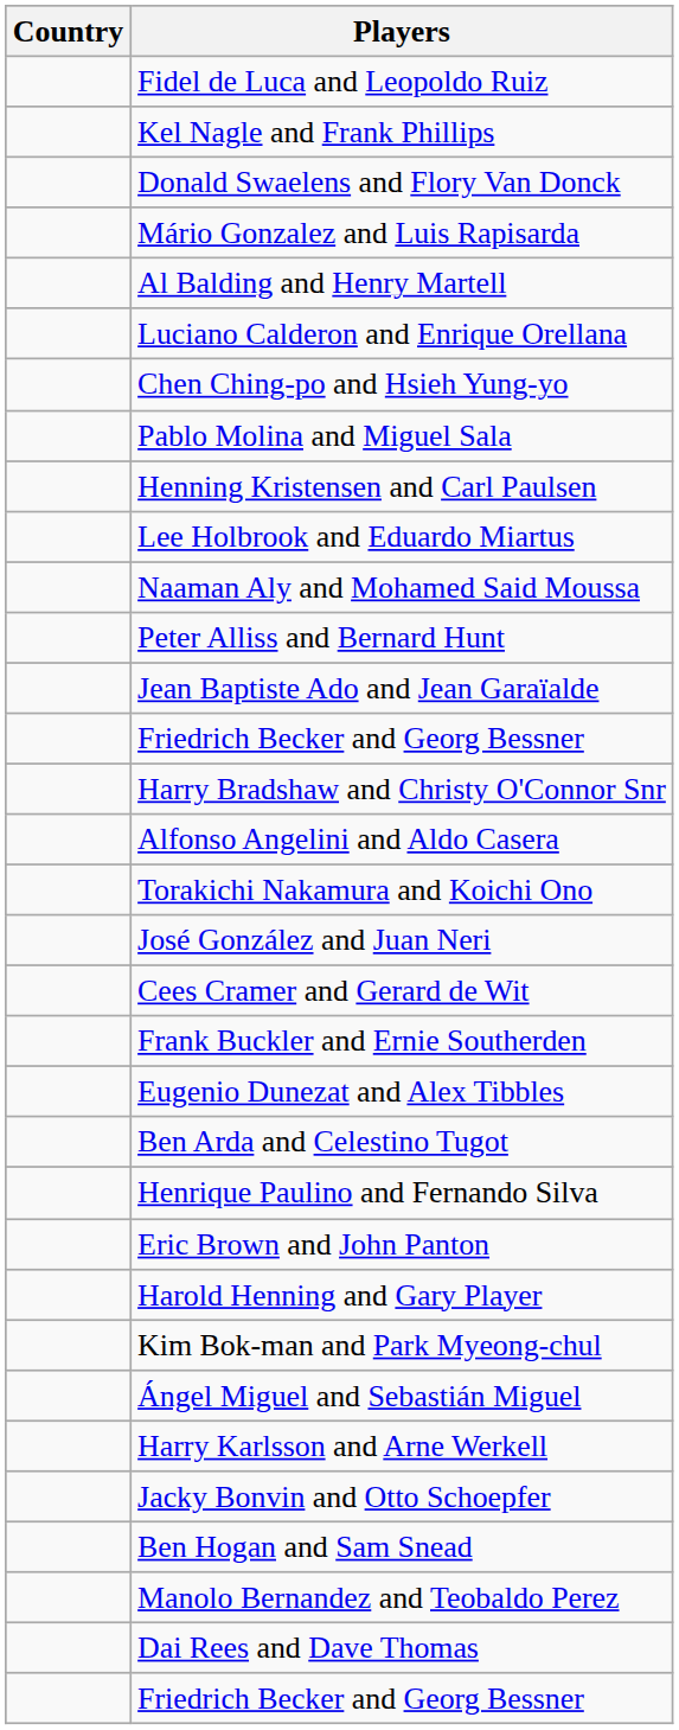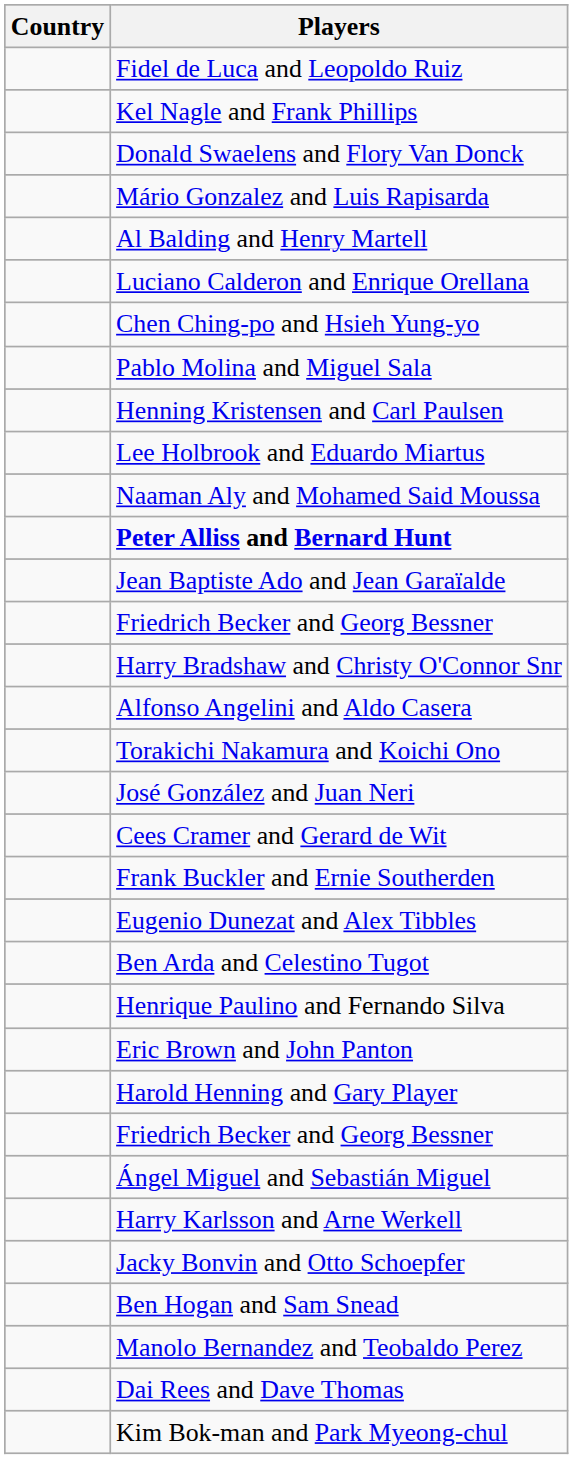 <table class="wikitable" style="font-size:95%;">
 <tr>
 <th>Country</th>
 <th>Players</th>
 </tr>
 <tr>
 <td></td>
 <td><a href='#'>Fidel de Luca</a> and <a href='#'>Leopoldo Ruiz</a></td>
 </tr>
 <tr>
 <td></td>
 <td><a href='#'>Kel Nagle</a> and <a href='#'>Frank Phillips</a></td>
 </tr>
 <tr>
 <td></td>
 <td><a href='#'>Donald Swaelens</a> and <a href='#'>Flory Van Donck</a></td>
 </tr>
 <tr>
 <td></td>
 <td><a href='#'>Mário Gonzalez</a> and <a href='#'>Luis Rapisarda</a></td>
 </tr>
 <tr>
 <td></td>
 <td><a href='#'>Al Balding</a> and <a href='#'>Henry Martell</a></td>
 </tr>
 <tr>
 <td></td>
 <td><a href='#'>Luciano Calderon</a> and <a href='#'>Enrique Orellana</a></td>
 </tr>
 <tr>
 <td></td>
 <td><a href='#'>Chen Ching-po</a> and <a href='#'>Hsieh Yung-yo</a></td>
 </tr>
 <tr>
 <td></td>
 <td><a href='#'>Pablo Molina</a> and <a href='#'>Miguel Sala</a></td>
 </tr>
 <tr>
 <td></td>
 <td><a href='#'>Henning Kristensen</a> and <a href='#'>Carl Paulsen</a></td>
 </tr>
 <tr>
 <td></td>
 <td><a href='#'>Lee Holbrook</a> and <a href='#'>Eduardo Miartus</a></td>
 </tr>
 <tr>
 <td></td>
 <td><a href='#'>Naaman Aly</a> and <a href='#'>Mohamed Said Moussa</a></td>
 </tr>
 <tr>
 <td></td>
-<td><a href='#'>Peter Alliss</a> and <a href='#'>Bernard Hunt</a></td>
+<td><strong><a href='#'>Peter Alliss</a> and <a href='#'>Bernard Hunt</a></strong></td>
 </tr>
 <tr>
 <td></td>
 <td><a href='#'>Jean Baptiste Ado</a> and <a href='#'>Jean Garaïalde</a></td>
 </tr>
 <tr>
 <td></td>
 <td><a href='#'>Friedrich Becker</a> and <a href='#'>Georg Bessner</a></td>
 </tr>
 <tr>
 <td></td>
 <td><a href='#'>Harry Bradshaw</a> and <a href='#'>Christy O'Connor Snr</a></td>
 </tr>
 <tr>
 <td></td>
 <td><a href='#'>Alfonso Angelini</a> and <a href='#'>Aldo Casera</a></td>
 </tr>
 <tr>
 <td></td>
 <td><a href='#'>Torakichi Nakamura</a> and <a href='#'>Koichi Ono</a></td>
 </tr>
 <tr>
 <td></td>
 <td><a href='#'>José González</a> and <a href='#'>Juan Neri</a></td>
 </tr>
 <tr>
 <td></td>
 <td><a href='#'>Cees Cramer</a> and <a href='#'>Gerard de Wit</a></td>
 </tr>
 <tr>
 <td></td>
 <td><a href='#'>Frank Buckler</a> and <a href='#'>Ernie Southerden</a></td>
 </tr>
 <tr>
 <td></td>
 <td><a href='#'>Eugenio Dunezat</a> and <a href='#'>Alex Tibbles</a></td>
 </tr>
 <tr>
 <td></td>
 <td><a href='#'>Ben Arda</a> and <a href='#'>Celestino Tugot</a></td>
 </tr>
 <tr>
 <td></td>
 <td><a href='#'>Henrique Paulino</a> and Fernando Silva</td>
 </tr>
 <tr>
 <td></td>
 <td><a href='#'>Eric Brown</a> and <a href='#'>John Panton</a></td>
 </tr>
 <tr>
 <td></td>
 <td><a href='#'>Harold Henning</a> and <a href='#'>Gary Player</a></td>
 </tr>
 <tr>
 <td></td>
-<td>Kim Bok-man and <a href='#'>Park Myeong-chul</a></td>
+<td><a href='#'>Friedrich Becker</a> and <a href='#'>Georg Bessner</a></td>
 </tr>
 <tr>
 <td></td>
 <td><a href='#'>Ángel Miguel</a> and <a href='#'>Sebastián Miguel</a></td>
 </tr>
 <tr>
 <td></td>
 <td><a href='#'>Harry Karlsson</a> and <a href='#'>Arne Werkell</a></td>
 </tr>
 <tr>
 <td></td>
 <td><a href='#'>Jacky Bonvin</a> and <a href='#'>Otto Schoepfer</a></td>
 </tr>
 <tr>
 <td></td>
 <td><a href='#'>Ben Hogan</a> and <a href='#'>Sam Snead</a></td>
 </tr>
 <tr>
 <td></td>
 <td><a href='#'>Manolo Bernandez</a> and <a href='#'>Teobaldo Perez</a></td>
 </tr>
 <tr>
 <td></td>
 <td><a href='#'>Dai Rees</a> and <a href='#'>Dave Thomas</a></td>
 </tr>
 <tr>
 <td></td>
-<td><a href='#'>Friedrich Becker</a> and <a href='#'>Georg Bessner</a></td>
+<td>Kim Bok-man and <a href='#'>Park Myeong-chul</a></td>
 </tr>
 </table>
